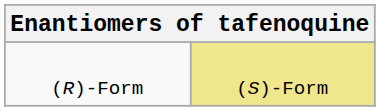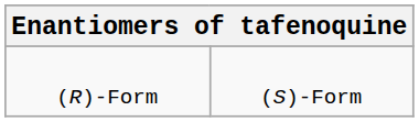 <table class="wikitable" style="text-align:center">
 <tr class="hintergrundfarbe6">
 <th colspan="2">Enantiomers of tafenoquine</th>
 </tr>
 <tr>
 <td><br><small> (<em>R</em>)-Form </small></td>
-<td style="background: khaki;"><br><small> (<em>S</em>)-Form </small></td>
+<td><br><small> (<em>S</em>)-Form </small></td>
 </tr>
 </table>
